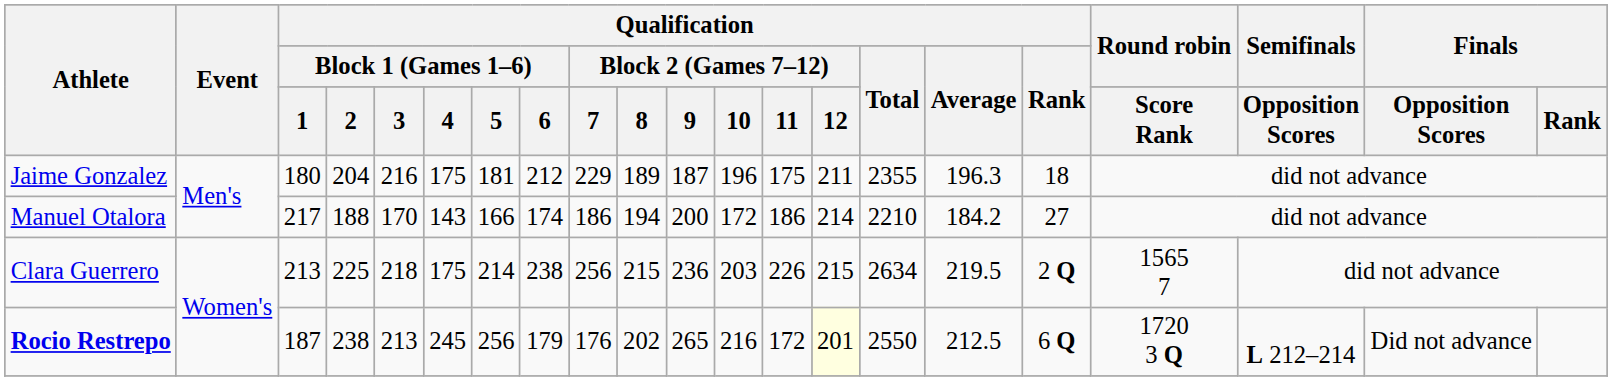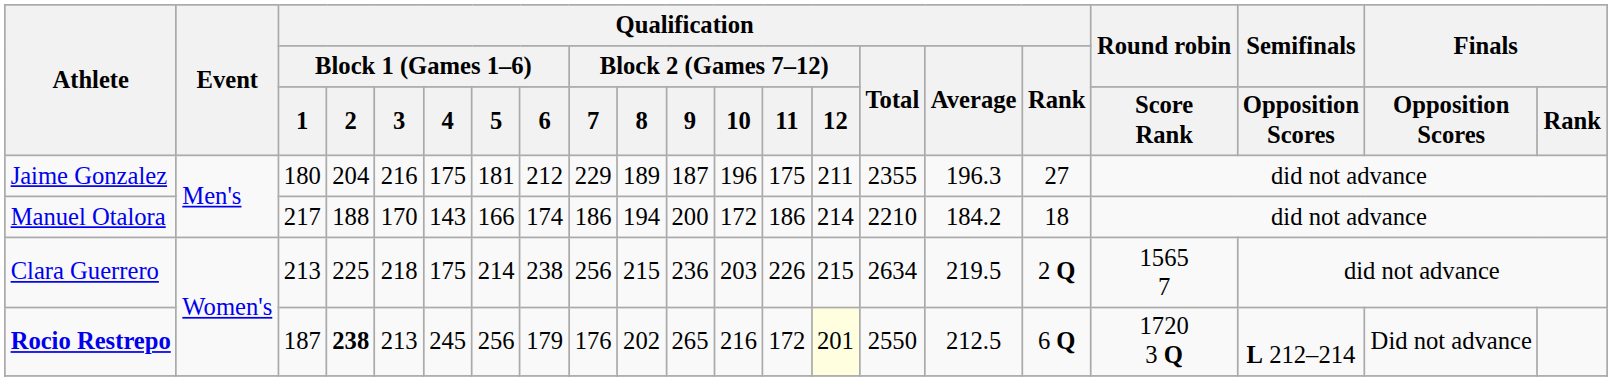 <table class="wikitable" border="1" style="font-size:90%">
 <tr>
 <th rowspan=3>Athlete</th>
 <th rowspan=3>Event</th>
 <th colspan=15>Qualification</th>
 <th rowspan=2>Round robin</th>
 <th rowspan=2>Semifinals</th>
 <th rowspan=2 colspan=2>Finals</th>
 </tr>
 <tr>
 <th colspan=6>Block 1 (Games 1–6)</th>
 <th colspan=6>Block 2 (Games 7–12)</th>
 <th rowspan=2>Total</th>
 <th rowspan=2>Average</th>
 <th rowspan=2>Rank</th>
 </tr>
 <tr>
 <th>1</th>
 <th>2</th>
 <th>3</th>
 <th>4</th>
 <th>5</th>
 <th>6</th>
 <th>7</th>
 <th>8</th>
 <th>9</th>
 <th>10</th>
 <th>11</th>
 <th>12</th>
 <th>Score<br>Rank</th>
 <th>Opposition<br>Scores</th>
 <th>Opposition<br>Scores</th>
 <th>Rank</th>
 </tr>
 <tr align=center>
 <td align=left><a href='#'>Jaime Gonzalez</a></td>
 <td align=left rowspan=2><a href='#'>Men's</a></td>
 <td>180</td>
 <td>204</td>
 <td>216</td>
 <td>175</td>
 <td>181</td>
 <td>212</td>
 <td>229</td>
 <td>189</td>
 <td>187</td>
 <td>196</td>
 <td>175</td>
 <td>211</td>
 <td>2355</td>
 <td>196.3</td>
-<td>18</td>
+<td>27</td>
 <td align=center colspan=4>did not advance</td>
 </tr>
 <tr align=center>
 <td align=left><a href='#'>Manuel Otalora</a></td>
 <td>217</td>
 <td>188</td>
 <td>170</td>
 <td>143</td>
 <td>166</td>
 <td>174</td>
 <td>186</td>
 <td>194</td>
 <td>200</td>
 <td>172</td>
 <td>186</td>
 <td>214</td>
 <td>2210</td>
 <td>184.2</td>
-<td>27</td>
+<td>18</td>
 <td align=center colspan=4>did not advance</td>
 </tr>
 <tr align=center>
 <td align=left><a href='#'>Clara Guerrero</a></td>
 <td align=left rowspan=2><a href='#'>Women's</a><br></td>
 <td>213</td>
 <td>225</td>
 <td>218</td>
 <td>175</td>
 <td>214</td>
 <td>238</td>
 <td>256</td>
 <td>215</td>
 <td>236</td>
 <td>203</td>
 <td>226</td>
 <td>215</td>
 <td>2634</td>
 <td>219.5</td>
 <td>2 <strong>Q</strong></td>
 <td>1565<br>7</td>
 <td align=center colspan=3>did not advance</td>
 </tr>
 <tr align=center>
 <td><strong><a href='#'>Rocio Restrepo</a></strong></td>
 <td>187</td>
-<td>238</td>
+<td><strong>238</strong></td>
 <td>213</td>
 <td>245</td>
 <td>256</td>
 <td>179</td>
 <td>176</td>
 <td>202</td>
 <td>265</td>
 <td>216</td>
 <td>172</td>
 <td style="background: lightyellow;">201</td>
 <td>2550</td>
 <td>212.5</td>
 <td>6 <strong>Q</strong></td>
 <td>1720<br>3 <strong>Q</strong></td>
 <td><br> <strong>L</strong> 212–214</td>
 <td>Did not advance</td>
 <td></td>
 </tr>
 </table>
